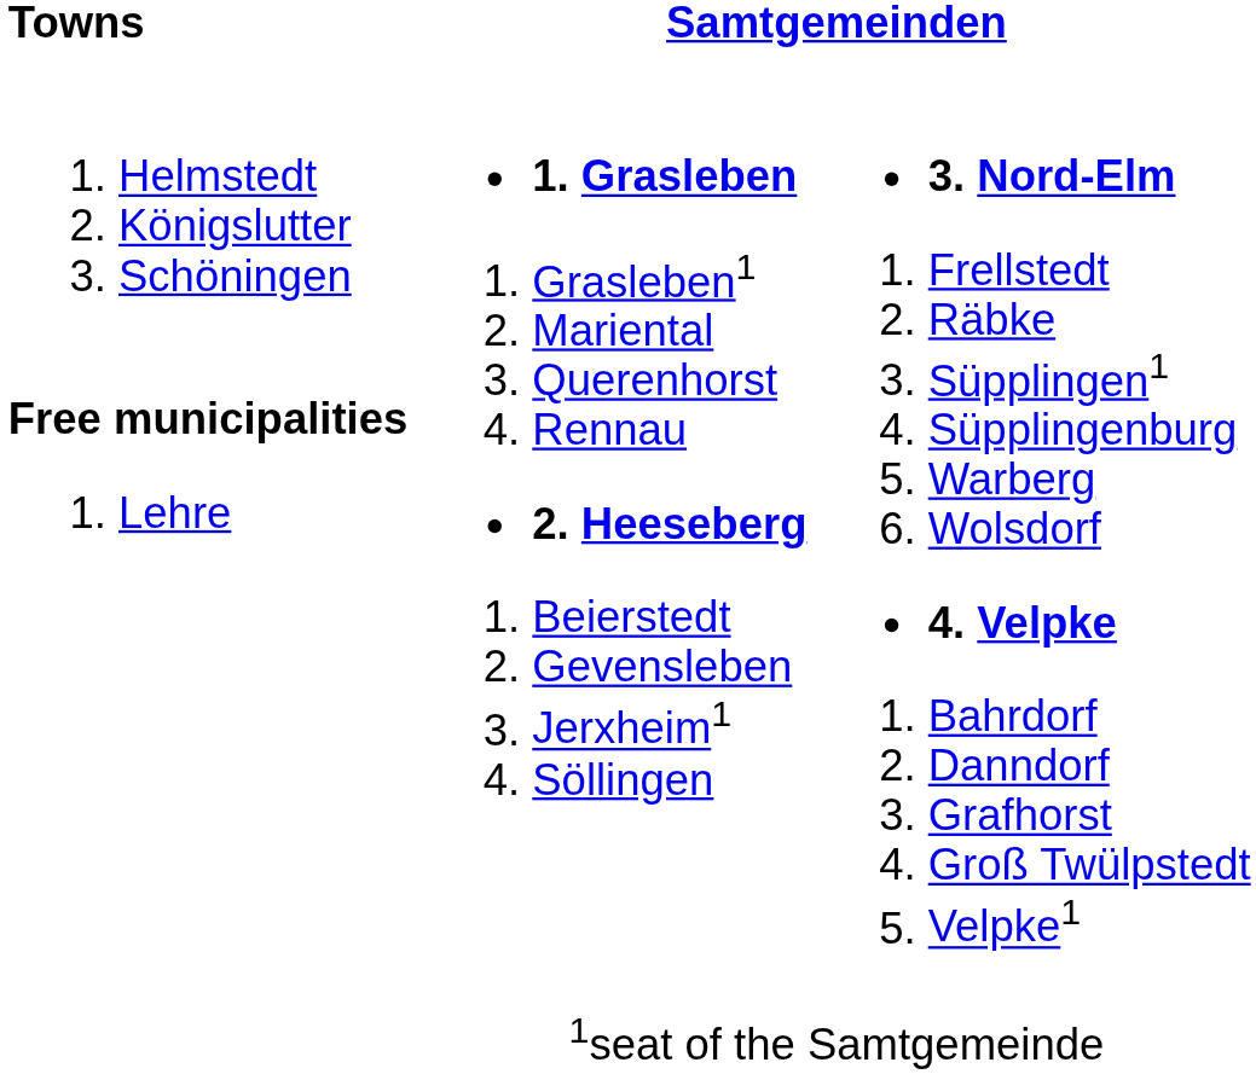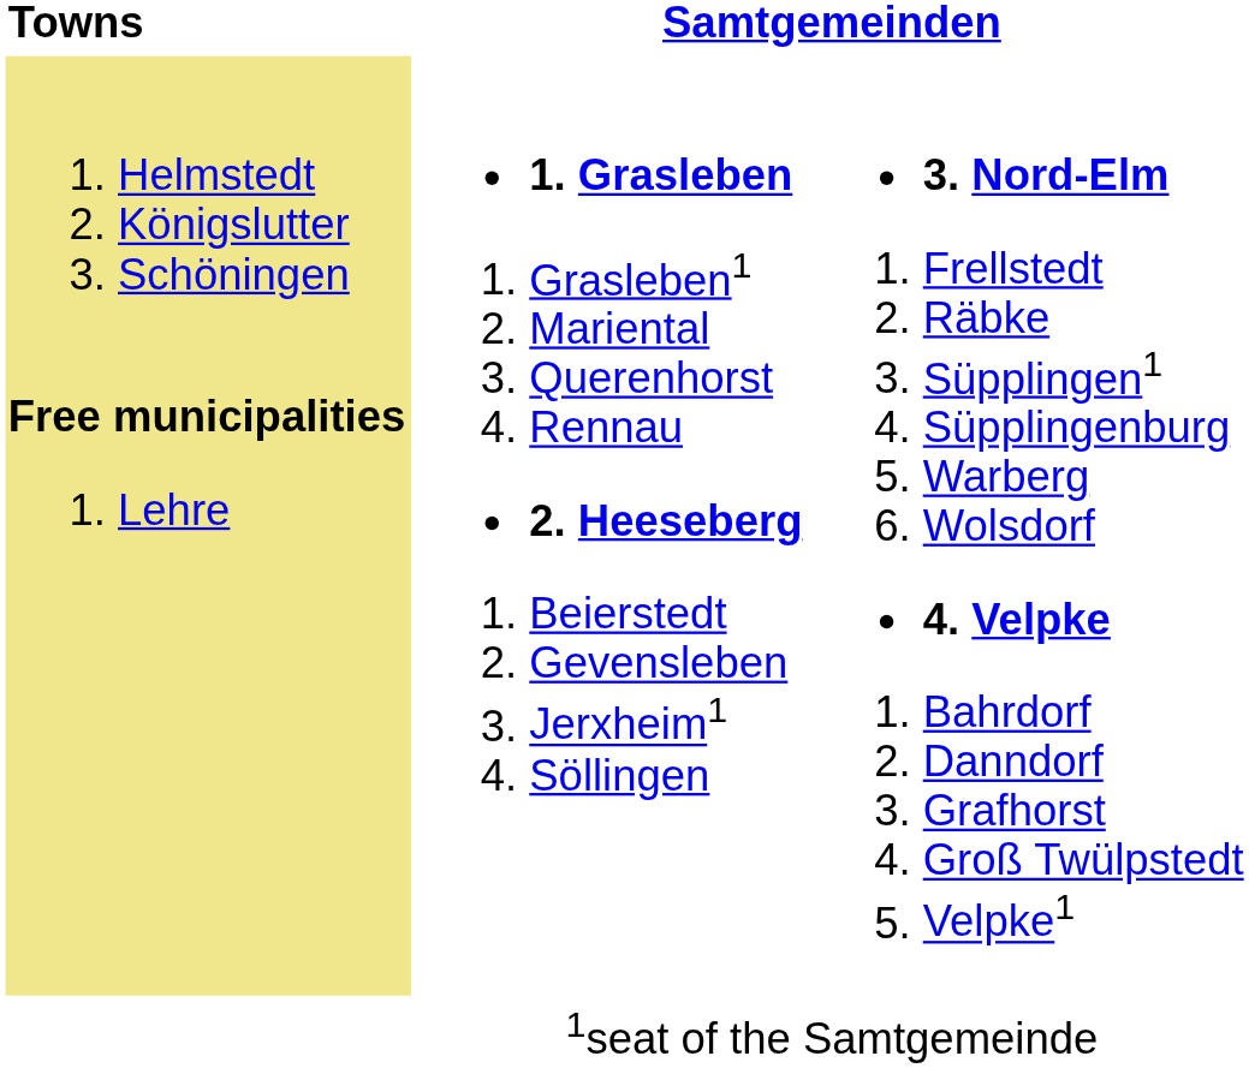 <table>
 <tr>
 <th align=left width=33%>Towns</th>
 <th colspan=2 align=center width=67%><a href='#'>Samtgemeinden</a></th>
 </tr>
 <tr valign=top>
-<td><br><ol><li><a href='#'>Helmstedt</a></li><li><a href='#'>Königslutter</a></li><li><a href='#'>Schöningen</a></li></ol><br> <strong>Free municipalities</strong><ol><li><a href='#'>Lehre</a></li></ol></td>
+<td style="background: khaki;"><br><ol><li><a href='#'>Helmstedt</a></li><li><a href='#'>Königslutter</a></li><li><a href='#'>Schöningen</a></li></ol><br> <strong>Free municipalities</strong><ol><li><a href='#'>Lehre</a></li></ol></td>
 <td><br><ul><li><strong>1. <a href='#'>Grasleben</a></strong></li></ul><ol><li><a href='#'>Grasleben</a><sup>1</sup></li><li><a href='#'>Mariental</a></li><li><a href='#'>Querenhorst</a></li><li><a href='#'>Rennau</a></li></ol><ul><li><strong>2. <a href='#'>Heeseberg</a></strong></li></ul><ol><li><a href='#'>Beierstedt</a></li><li><a href='#'>Gevensleben</a></li><li><a href='#'>Jerxheim</a><sup>1</sup></li><li><a href='#'>Söllingen</a></li></ol></td>
 <td><br><ul><li><strong>3. <a href='#'>Nord-Elm</a></strong></li></ul><ol><li><a href='#'>Frellstedt</a></li><li><a href='#'>Räbke</a></li><li><a href='#'>Süpplingen</a><sup>1</sup></li><li><a href='#'>Süpplingenburg</a></li><li><a href='#'>Warberg</a></li><li><a href='#'>Wolsdorf</a></li></ol><ul><li><strong>4. <a href='#'>Velpke</a></strong></li></ul><ol><li><a href='#'>Bahrdorf</a></li><li><a href='#'>Danndorf</a></li><li><a href='#'>Grafhorst</a></li><li><a href='#'>Groß Twülpstedt</a></li><li><a href='#'>Velpke</a><sup>1</sup></li></ol></td>
 </tr>
 <tr>
 <td></td>
 <td colspan=2 align=center><sup>1</sup>seat of the Samtgemeinde</td>
 </tr>
 </table>
